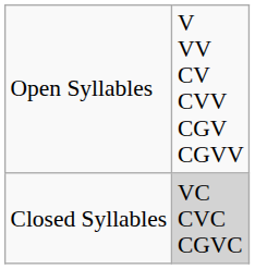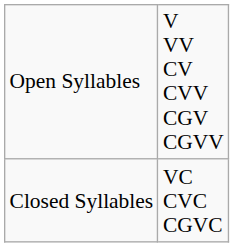 <table class="wikitable">
 <tr>
 <td>Open Syllables</td>
 <td>V<br>VV<br>CV<br>CVV<br>CGV<br>CGVV</td>
 </tr>
 <tr>
 <td>Closed Syllables</td>
-<td style="background: lightgrey;">VC<br>CVC<br>CGVC</td>
+<td>VC<br>CVC<br>CGVC</td>
 </tr>
 </table>
